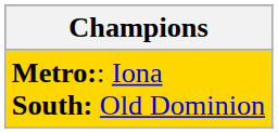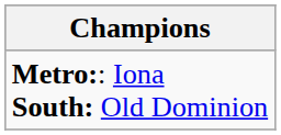 <table class="wikitable">
 <tr bgcolor="#CCCCCC">
 <th>Champions</th>
 </tr>
 <tr>
-<td style="background: gold;"><strong>Metro:</strong>: <a href='#'>Iona</a><br><strong>South:</strong> <a href='#'>Old Dominion</a></td>
+<td><strong>Metro:</strong>: <a href='#'>Iona</a><br><strong>South:</strong> <a href='#'>Old Dominion</a></td>
 </tr>
 </table>
